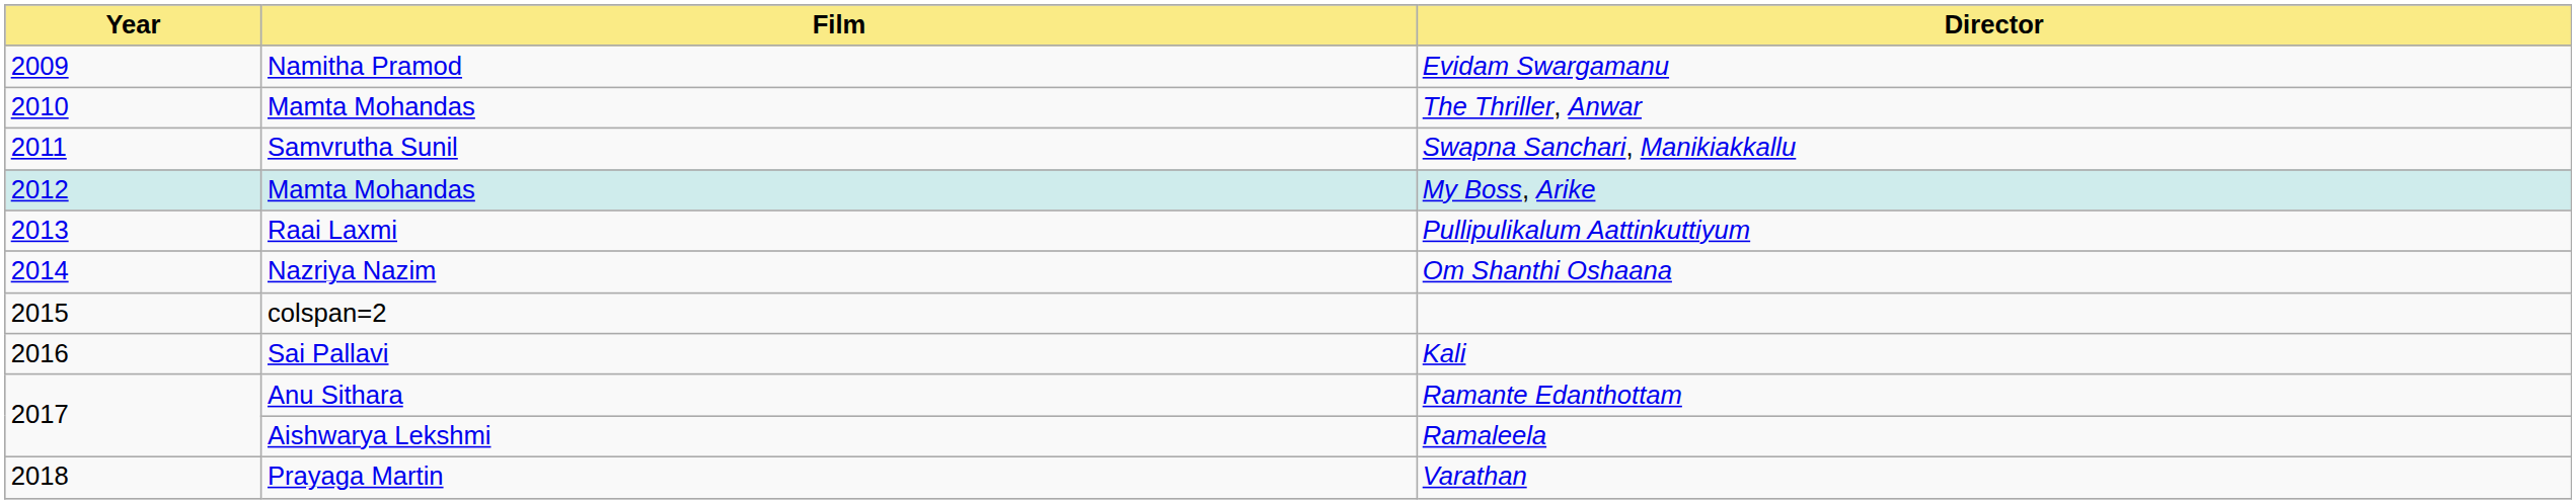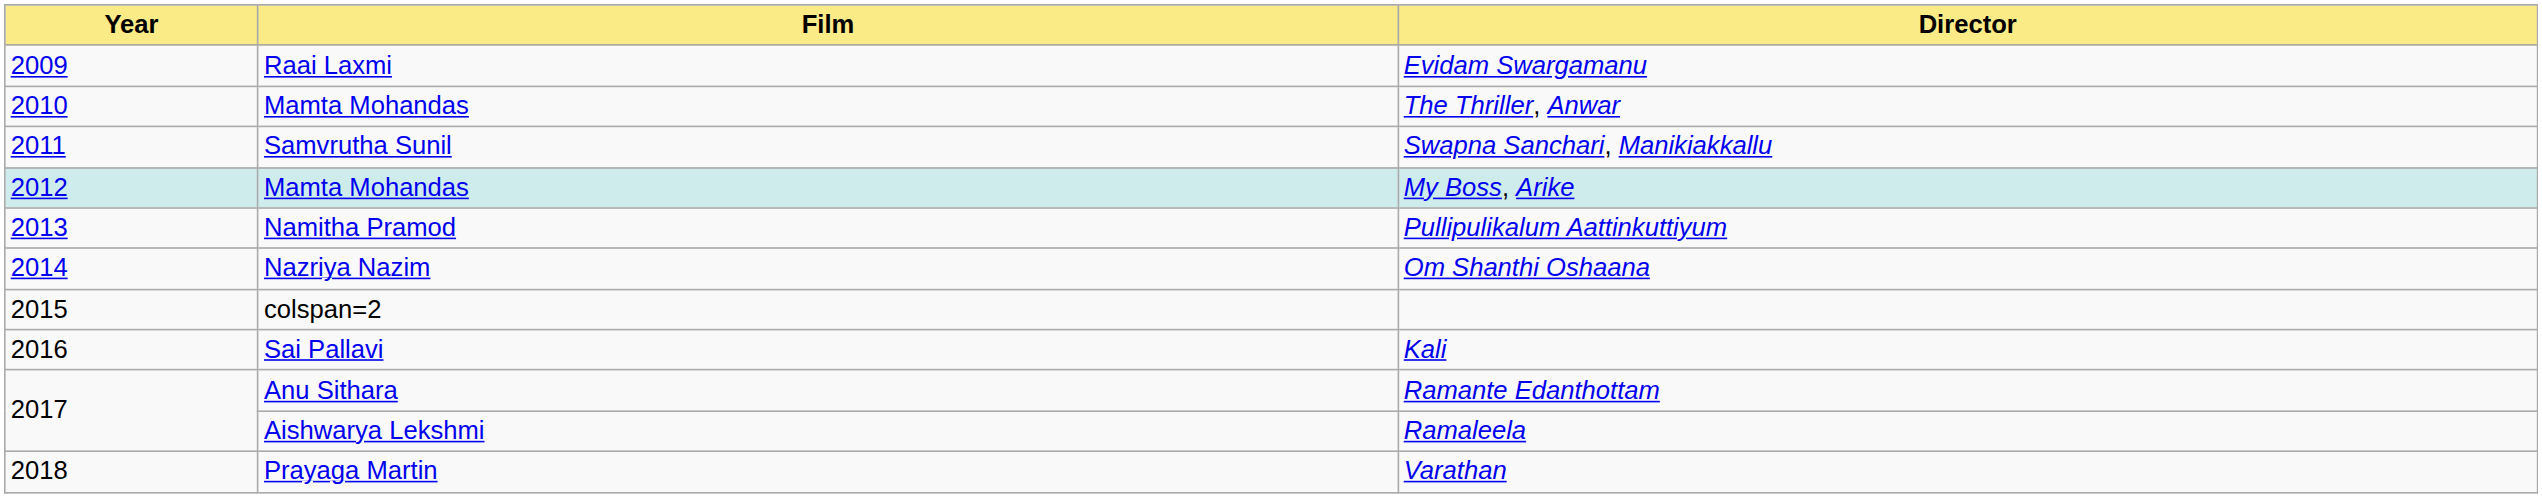 <table class="wikitable" style="width:100%">
 <tr bgcolor="#bebebe">
 <th width="10%" style="background:#FAEB86">Year</th>
 <th width="45%" style="background:#FAEB86">Film</th>
 <th width="45%" style="background:#FAEB86">Director</th>
 </tr>
 <tr>
 <td><a href='#'>2009</a></td>
-<td><a href='#'>Namitha Pramod</a></td>
+<td><a href='#'>Raai Laxmi</a></td>
 <td><em><a href='#'>Evidam Swargamanu</a></em></td>
 </tr>
 <tr>
 <td><a href='#'>2010</a></td>
 <td><a href='#'>Mamta Mohandas</a></td>
 <td><em><a href='#'>The Thriller</a></em>, <em><a href='#'>Anwar</a></em></td>
 </tr>
 <tr>
 <td><a href='#'>2011</a></td>
 <td><a href='#'>Samvrutha Sunil</a></td>
 <td><em><a href='#'>Swapna Sanchari</a></em>, <em><a href='#'>Manikiakkallu</a></em></td>
 </tr>
 <tr bgcolor="#cfecec">
 <td><a href='#'>2012</a></td>
 <td><a href='#'>Mamta Mohandas</a></td>
 <td><em><a href='#'>My Boss</a></em>, <em><a href='#'>Arike</a></em></td>
 </tr>
 <tr>
 <td><a href='#'>2013</a></td>
-<td><a href='#'>Raai Laxmi</a></td>
+<td><a href='#'>Namitha Pramod</a></td>
 <td><em><a href='#'>Pullipulikalum Aattinkuttiyum</a></em></td>
 </tr>
 <tr>
 <td><a href='#'>2014</a></td>
 <td><a href='#'>Nazriya Nazim</a></td>
 <td><em><a href='#'>Om Shanthi Oshaana</a></em></td>
 </tr>
 <tr>
 <td>2015</td>
 <td>colspan=2 </td>
 </tr>
 <tr>
 <td>2016</td>
 <td><a href='#'>Sai Pallavi</a></td>
 <td><em><a href='#'>Kali</a></em></td>
 </tr>
 <tr>
 <td rowspan=2>2017</td>
 <td><a href='#'>Anu Sithara</a></td>
 <td><em><a href='#'>Ramante Edanthottam</a></em></td>
 </tr>
 <tr>
 <td><a href='#'>Aishwarya Lekshmi</a></td>
 <td><em><a href='#'>Ramaleela</a></em></td>
 </tr>
 <tr>
 <td>2018</td>
 <td><a href='#'>Prayaga Martin</a></td>
 <td><em><a href='#'>Varathan</a></em></td>
 </tr>
 </table>
